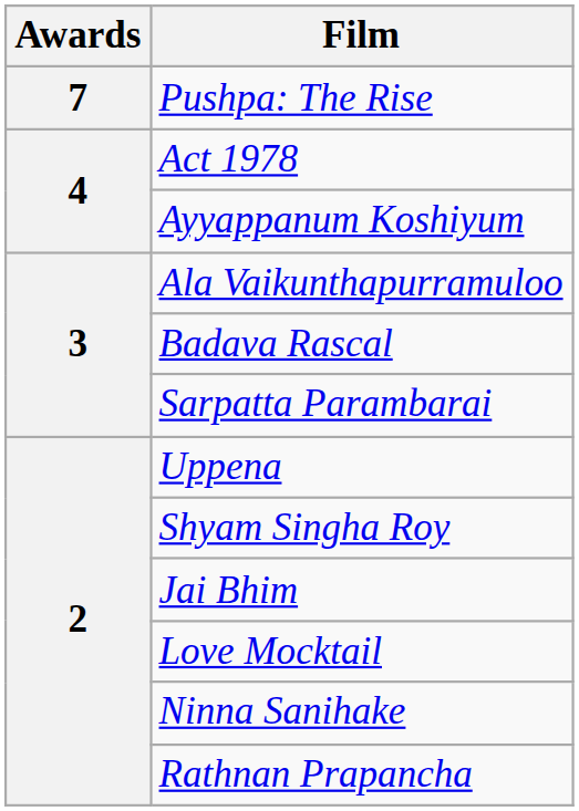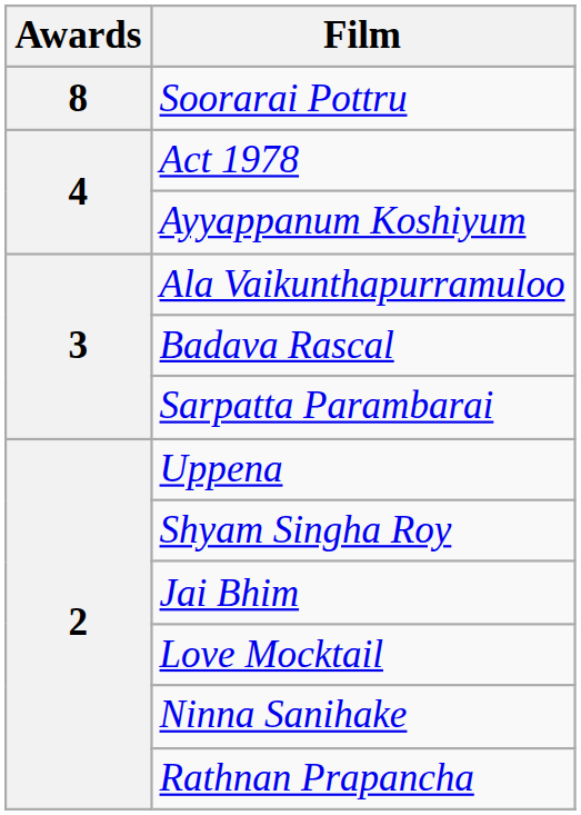 <table class="wikitable" style="display:inline-table;">
 <tr>
 <th>Awards</th>
 <th>Film</th>
 </tr>
 <tr>
-<th>7</th>
-<td><em><a href='#'>Pushpa: The Rise</a></em></td>
+<th>8</th>
+<td><em><a href='#'>Soorarai Pottru</a></em></td>
 </tr>
 <tr>
 <th rowspan="2">4</th>
 <td><em><a href='#'>Act 1978</a></em></td>
 </tr>
 <tr>
 <td><em><a href='#'>Ayyappanum Koshiyum</a></em></td>
 </tr>
 <tr>
 <th rowspan="3">3</th>
 <td><em><a href='#'>Ala Vaikunthapurramuloo</a></em></td>
 </tr>
 <tr>
 <td><em><a href='#'>Badava Rascal</a></em></td>
 </tr>
 <tr>
 <td><em><a href='#'>Sarpatta Parambarai</a></em></td>
 </tr>
 <tr>
 <th rowspan="6">2</th>
 <td><em><a href='#'>Uppena</a></em></td>
 </tr>
 <tr>
 <td><em><a href='#'>Shyam Singha Roy</a></em></td>
 </tr>
 <tr>
 <td><em><a href='#'>Jai Bhim</a></em></td>
 </tr>
 <tr>
 <td><em><a href='#'>Love Mocktail</a></em></td>
 </tr>
 <tr>
 <td><em><a href='#'>Ninna Sanihake</a></em></td>
 </tr>
 <tr>
 <td><em><a href='#'>Rathnan Prapancha</a></em></td>
 </tr>
 </table>
